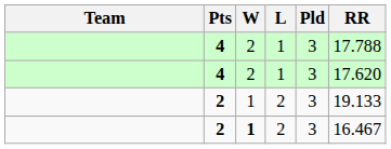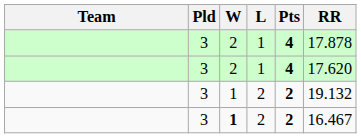 <table class="wikitable" border="1" style="text-align:center;">
 <tr>
 <th width=175>Team</th>
-<th width=20 abbr="Points">Pts</th>
+<th width=20 abbr="Played">Pld</th>
 <th width=20 abbr="Won">W</th>
 <th width=20 abbr="Lost">L</th>
-<th width=20 abbr="Played">Pld</th>
+<th width=20 abbr="Points">Pts</th>
 <th width=20 abbr="Run rate">RR</th>
 </tr>
 <tr style="background:#ccffcc;">
 <td style="text-align:left;"></td>
-<td><strong>4</strong></td>
+<td>3</td>
 <td>2</td>
 <td>1</td>
-<td>3</td>
-<td>17.788</td>
+<td><strong>4</strong></td>
+<td>17.878</td>
 </tr>
 <tr style="background:#ccffcc;">
 <td style="text-align:left;"></td>
-<td><strong>4</strong></td>
+<td>3</td>
 <td>2</td>
 <td>1</td>
-<td>3</td>
+<td><strong>4</strong></td>
 <td>17.620</td>
 </tr>
 <tr style="background:#f9f9f9;">
 <td style="text-align:left;"></td>
-<td><strong>2</strong></td>
+<td>3</td>
 <td>1</td>
 <td>2</td>
-<td>3</td>
-<td>19.133</td>
+<td><strong>2</strong></td>
+<td>19.132</td>
 </tr>
 <tr style="background:#f9f9f9;">
 <td style="text-align:left;"></td>
-<td><strong>2</strong></td>
+<td>3</td>
 <td><strong>1</strong></td>
 <td>2</td>
-<td>3</td>
+<td><strong>2</strong></td>
 <td>16.467</td>
 </tr>
 </table>
